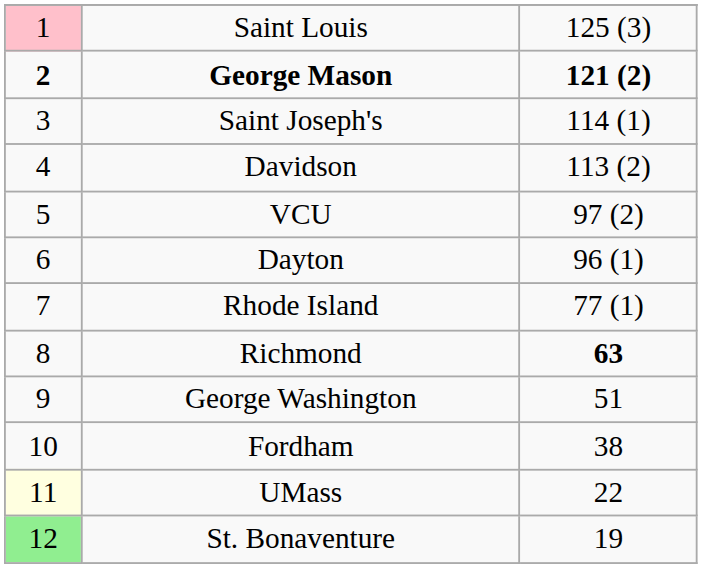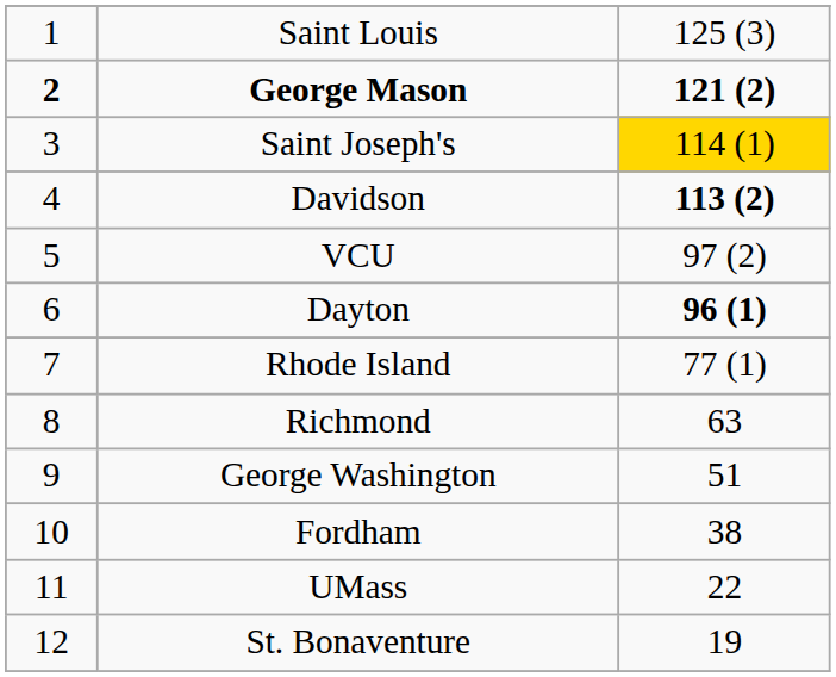 <table class="wikitable" style="width: 30%;text-align: center;">
 <tr align="center">
 </tr>
 <tr>
-<td style="background: pink;">1</td>
+<td>1</td>
 <td>Saint Louis</td>
 <td>125 (3)</td>
 </tr>
 <tr>
 <td><strong>2</strong></td>
 <td><strong>George Mason</strong></td>
 <td><strong>121 (2)</strong></td>
 </tr>
 <tr>
 <td>3</td>
 <td>Saint Joseph's</td>
-<td>114 (1)</td>
+<td style="background: gold;">114 (1)</td>
 </tr>
 <tr>
 <td>4</td>
 <td>Davidson</td>
-<td>113 (2)</td>
+<td><strong>113 (2)</strong></td>
 </tr>
 <tr>
 <td>5</td>
 <td>VCU</td>
 <td>97 (2)</td>
 </tr>
 <tr>
 <td>6</td>
 <td>Dayton</td>
-<td>96 (1)</td>
+<td><strong>96 (1)</strong></td>
 </tr>
 <tr>
 <td>7</td>
 <td>Rhode Island</td>
 <td>77 (1)</td>
 </tr>
 <tr>
 <td>8</td>
 <td>Richmond</td>
-<td><strong>63</strong></td>
+<td>63</td>
 </tr>
 <tr>
 <td>9</td>
 <td>George Washington</td>
 <td>51</td>
 </tr>
 <tr>
 <td>10</td>
 <td>Fordham</td>
 <td>38</td>
 </tr>
 <tr>
-<td style="background: lightyellow;">11</td>
+<td>11</td>
 <td>UMass</td>
 <td>22</td>
 </tr>
 <tr>
-<td style="background: lightgreen;">12</td>
+<td>12</td>
 <td>St. Bonaventure</td>
 <td>19</td>
 </tr>
 </table>
